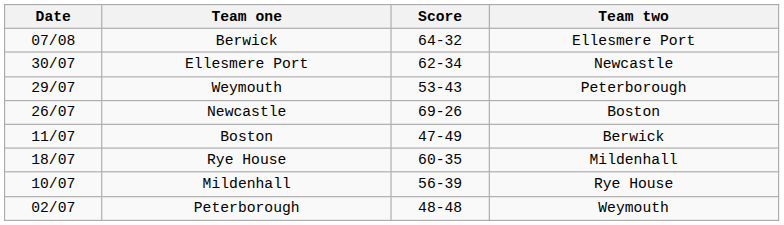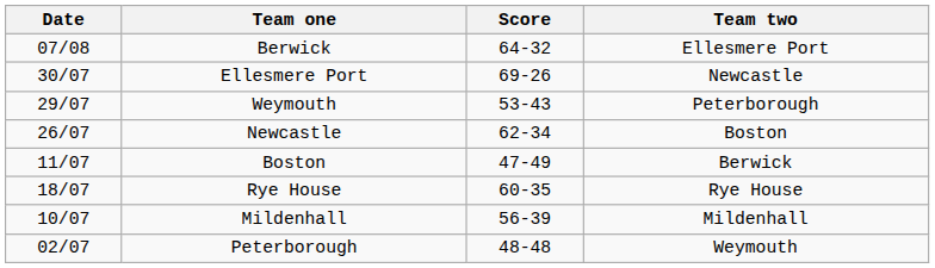 <table class="wikitable" style="text-align: center">
 <tr>
 <th width=80>Date</th>
 <th width=250>Team one</th>
 <th width=80>Score</th>
 <th width=250>Team two</th>
 </tr>
 <tr>
 <td>07/08</td>
 <td>Berwick</td>
 <td>64-32</td>
 <td>Ellesmere Port</td>
 </tr>
 <tr>
 <td>30/07</td>
 <td>Ellesmere Port</td>
-<td>62-34</td>
+<td>69-26</td>
 <td>Newcastle</td>
 </tr>
 <tr>
 <td>29/07</td>
 <td>Weymouth</td>
 <td>53-43</td>
 <td>Peterborough</td>
 </tr>
 <tr>
 <td>26/07</td>
 <td>Newcastle</td>
-<td>69-26</td>
+<td>62-34</td>
 <td>Boston</td>
 </tr>
 <tr>
 <td>11/07</td>
 <td>Boston</td>
 <td>47-49</td>
 <td>Berwick</td>
 </tr>
 <tr>
 <td>18/07</td>
 <td>Rye House</td>
 <td>60-35</td>
-<td>Mildenhall</td>
+<td>Rye House</td>
 </tr>
 <tr>
 <td>10/07</td>
 <td>Mildenhall</td>
 <td>56-39</td>
-<td>Rye House</td>
+<td>Mildenhall</td>
 </tr>
 <tr>
 <td>02/07</td>
 <td>Peterborough</td>
 <td>48-48</td>
 <td>Weymouth</td>
 </tr>
 </table>
